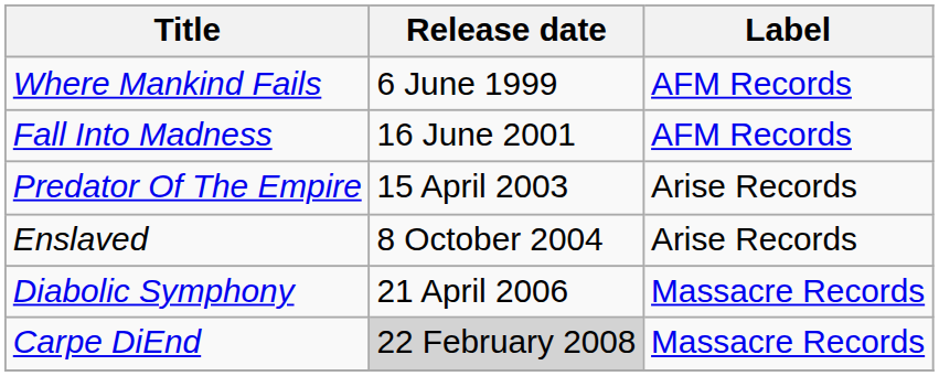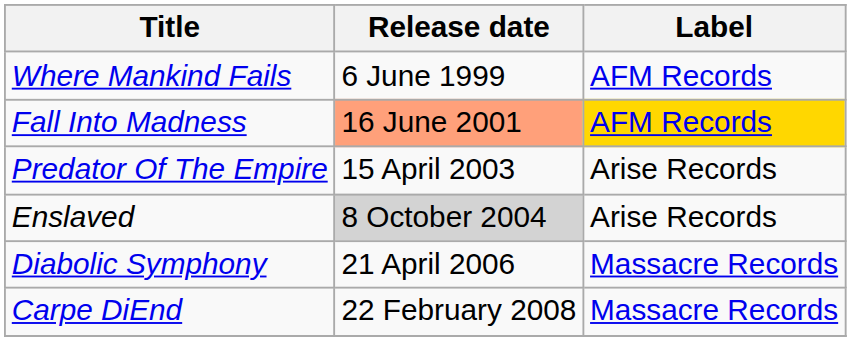 <table class="wikitable">
 <tr>
 <th>Title</th>
 <th>Release date</th>
 <th>Label</th>
 </tr>
 <tr>
 <td><em><a href='#'>Where Mankind Fails</a></em></td>
 <td>6 June 1999</td>
 <td><a href='#'>AFM Records</a></td>
 </tr>
 <tr>
 <td><em><a href='#'>Fall Into Madness</a></em></td>
-<td>16 June 2001</td>
-<td><a href='#'>AFM Records</a></td>
+<td style="background: lightsalmon;">16 June 2001</td>
+<td style="background: gold;"><a href='#'>AFM Records</a></td>
 </tr>
 <tr>
 <td><em><a href='#'>Predator Of The Empire</a></em></td>
 <td>15 April 2003</td>
 <td>Arise Records</td>
 </tr>
 <tr>
 <td><em>Enslaved</em></td>
-<td>8 October 2004</td>
+<td style="background: lightgrey;">8 October 2004</td>
 <td>Arise Records</td>
 </tr>
 <tr>
 <td><em><a href='#'>Diabolic Symphony</a></em></td>
 <td>21 April 2006</td>
 <td><a href='#'>Massacre Records</a></td>
 </tr>
 <tr>
 <td><em><a href='#'>Carpe DiEnd</a></em></td>
-<td style="background: lightgrey;">22 February 2008</td>
+<td>22 February 2008</td>
 <td><a href='#'>Massacre Records</a></td>
 </tr>
 <tr>
 </tr>
 </table>
